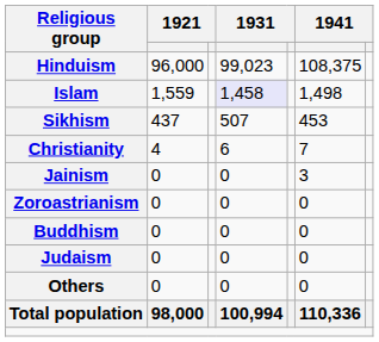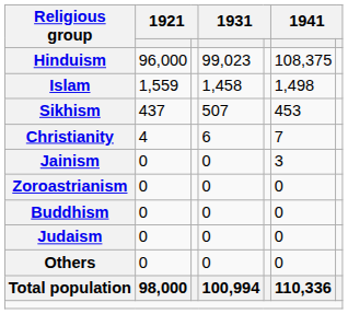 <table class="wikitable sortable">
 <tr>
 <th rowspan="2"><a href='#'>Religious</a><br>group</th>
 <th colspan="2">1921</th>
 <th colspan="2">1931</th>
 <th colspan="2">1941</th>
 </tr>
 <tr>
 <th><a href='#'></a></th>
 <th></th>
 <th></th>
 <th></th>
 <th></th>
 <th></th>
 </tr>
 <tr>
 <th><a href='#'>Hinduism</a> </th>
 <td>96,000</td>
 <td></td>
 <td>99,023</td>
 <td></td>
 <td>108,375</td>
 <td></td>
 </tr>
 <tr>
 <th><a href='#'>Islam</a> </th>
 <td>1,559</td>
 <td></td>
-<td style="background: lavender;">1,458</td>
+<td>1,458</td>
 <td></td>
 <td>1,498</td>
 <td></td>
 </tr>
 <tr>
 <th><a href='#'>Sikhism</a> </th>
 <td>437</td>
 <td></td>
 <td>507</td>
 <td></td>
 <td>453</td>
 <td></td>
 </tr>
 <tr>
 <th><a href='#'>Christianity</a> </th>
 <td>4</td>
 <td></td>
 <td>6</td>
 <td></td>
 <td>7</td>
 <td></td>
 </tr>
 <tr>
 <th><a href='#'>Jainism</a> </th>
 <td>0</td>
 <td></td>
 <td>0</td>
 <td></td>
 <td>3</td>
 <td></td>
 </tr>
 <tr>
 <th><a href='#'>Zoroastrianism</a> </th>
 <td>0</td>
 <td></td>
 <td>0</td>
 <td></td>
 <td>0</td>
 <td></td>
 </tr>
 <tr>
 <th><a href='#'>Buddhism</a> </th>
 <td>0</td>
 <td></td>
 <td>0</td>
 <td></td>
 <td>0</td>
 <td></td>
 </tr>
 <tr>
 <th><a href='#'>Judaism</a> </th>
 <td>0</td>
 <td></td>
 <td>0</td>
 <td></td>
 <td>0</td>
 <td></td>
 </tr>
 <tr>
 <th>Others</th>
 <td>0</td>
 <td></td>
 <td>0</td>
 <td></td>
 <td>0</td>
 <td></td>
 </tr>
 <tr>
 <th>Total population</th>
 <th>98,000</th>
 <th></th>
 <th>100,994</th>
 <th></th>
 <th>110,336</th>
 <th></th>
 </tr>
 <tr class="sortbottom">
 <td colspan="7"></td>
 </tr>
 </table>
